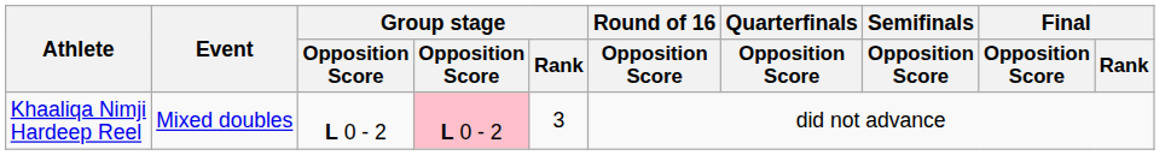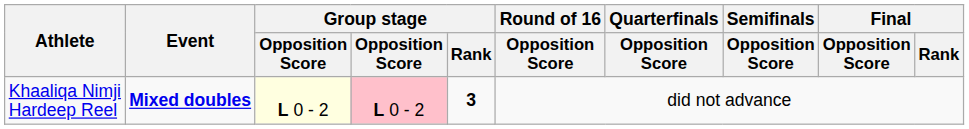 <table class=wikitable style="font-size:90%">
 <tr>
 <th rowspan=2>Athlete</th>
 <th rowspan=2>Event</th>
 <th colspan=3>Group stage</th>
 <th>Round of 16</th>
 <th>Quarterfinals</th>
 <th>Semifinals</th>
 <th colspan=2>Final</th>
 </tr>
 <tr style="font-size:95%">
 <th>Opposition<br>Score</th>
 <th>Opposition<br>Score</th>
 <th>Rank</th>
 <th>Opposition<br>Score</th>
 <th>Opposition<br>Score</th>
 <th>Opposition<br>Score</th>
 <th>Opposition<br>Score</th>
 <th>Rank</th>
 </tr>
 <tr align=center>
 <td align=left><a href='#'>Khaaliqa Nimji</a><br><a href='#'>Hardeep Reel</a></td>
-<td align=left><a href='#'>Mixed doubles</a></td>
-<td><br><strong>L</strong> 0 - 2</td>
+<td align=left><strong><a href='#'>Mixed doubles</a></strong></td>
+<td style="background: lightyellow;"><br><strong>L</strong> 0 - 2</td>
 <td style="background: pink;"><br><strong>L</strong> 0 - 2</td>
-<td>3</td>
+<td><strong>3</strong></td>
 <td colspan=5>did not advance</td>
 </tr>
 </table>
